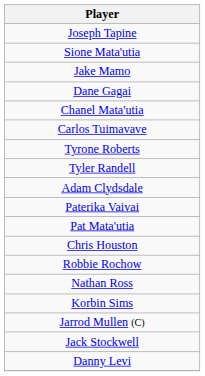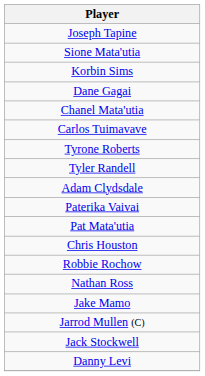 <table class="wikitable" style="text-align: center;">
 <tr>
 <th style="width:250px;">Player</th>
 </tr>
 <tr>
 <td><a href='#'>Joseph Tapine</a></td>
 </tr>
 <tr>
 <td><a href='#'>Sione Mata'utia</a></td>
 </tr>
 <tr>
-<td><a href='#'>Jake Mamo</a></td>
+<td><a href='#'>Korbin Sims</a></td>
 </tr>
 <tr>
 <td><a href='#'>Dane Gagai</a></td>
 </tr>
 <tr>
 <td><a href='#'>Chanel Mata'utia</a></td>
 </tr>
 <tr>
 <td><a href='#'>Carlos Tuimavave</a></td>
 </tr>
 <tr>
 <td><a href='#'>Tyrone Roberts</a></td>
 </tr>
 <tr>
 <td><a href='#'>Tyler Randell</a></td>
 </tr>
 <tr>
 <td><a href='#'>Adam Clydsdale</a></td>
 </tr>
 <tr>
 <td><a href='#'>Paterika Vaivai</a></td>
 </tr>
 <tr>
 <td><a href='#'>Pat Mata'utia</a></td>
 </tr>
 <tr>
 <td><a href='#'>Chris Houston</a></td>
 </tr>
 <tr>
 <td><a href='#'>Robbie Rochow</a></td>
 </tr>
 <tr>
 <td><a href='#'>Nathan Ross</a></td>
 </tr>
 <tr>
-<td><a href='#'>Korbin Sims</a></td>
+<td><a href='#'>Jake Mamo</a></td>
 </tr>
 <tr>
 <td><a href='#'>Jarrod Mullen</a> <small>(C)</small></td>
 </tr>
 <tr>
 <td><a href='#'>Jack Stockwell</a></td>
 </tr>
 <tr>
 <td><a href='#'>Danny Levi</a></td>
 </tr>
 <tr>
 </tr>
 </table>
